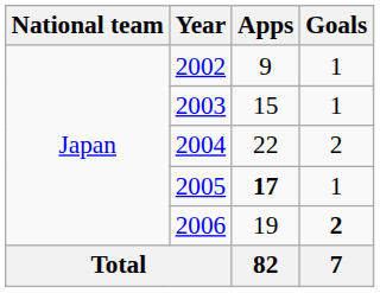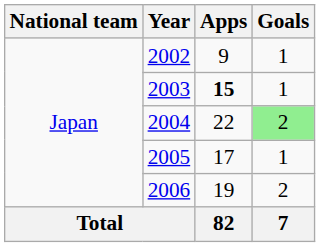 <table class="wikitable" style="text-align:center">
 <tr>
 <th>National team</th>
 <th>Year</th>
 <th>Apps</th>
 <th>Goals</th>
 </tr>
 <tr>
 <td rowspan="5"><a href='#'>Japan</a></td>
 <td><a href='#'>2002</a></td>
 <td>9</td>
 <td>1</td>
 </tr>
 <tr>
 <td><a href='#'>2003</a></td>
-<td>15</td>
+<td><strong>15</strong></td>
 <td>1</td>
 </tr>
 <tr>
 <td><a href='#'>2004</a></td>
 <td>22</td>
-<td>2</td>
+<td style="background: lightgreen;">2</td>
 </tr>
 <tr>
 <td><a href='#'>2005</a></td>
-<td><strong>17</strong></td>
+<td>17</td>
 <td>1</td>
 </tr>
 <tr>
 <td><a href='#'>2006</a></td>
 <td>19</td>
-<td><strong>2</strong></td>
+<td>2</td>
 </tr>
 <tr>
 <th colspan="2">Total</th>
 <th>82</th>
 <th>7</th>
 </tr>
 </table>
